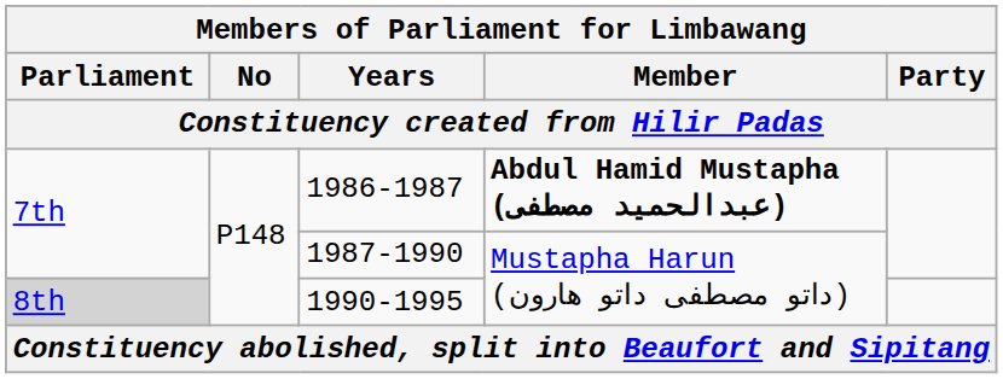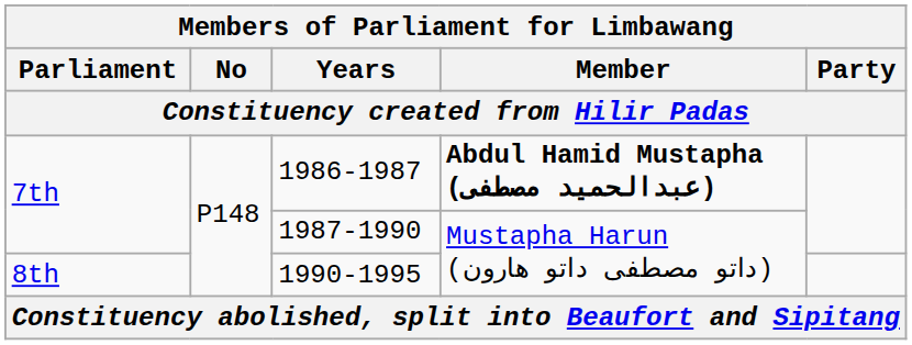 <table class=wikitable>
 <tr>
 <th colspan="5">Members of Parliament for Limbawang</th>
 </tr>
 <tr>
 <th>Parliament</th>
 <th>No</th>
 <th>Years</th>
 <th>Member</th>
 <th>Party</th>
 </tr>
 <tr>
 <th colspan="5" align="center"><em>Constituency created from <a href='#'>Hilir Padas</a></em></th>
 </tr>
 <tr>
 <td rowspan=2><a href='#'>7th</a></td>
 <td rowspan="3">P148</td>
 <td>1986-1987</td>
 <td><strong>Abdul Hamid Mustapha <br> (عبدالحميد مصطفى)</strong></td>
 <td rowspan="2"></td>
 </tr>
 <tr>
 <td>1987-1990</td>
 <td rowspan=2><a href='#'>Mustapha Harun</a>  <br>(داتو مصطفى داتو هارون)</td>
 </tr>
 <tr>
-<td style="background: lightgrey;"><a href='#'>8th</a></td>
+<td><a href='#'>8th</a></td>
 <td>1990-1995</td>
 <td></td>
 </tr>
 <tr>
 <th colspan="5" align="center"><em>Constituency abolished, split into <a href='#'>Beaufort</a> and <a href='#'>Sipitang</a></em></th>
 </tr>
 </table>
